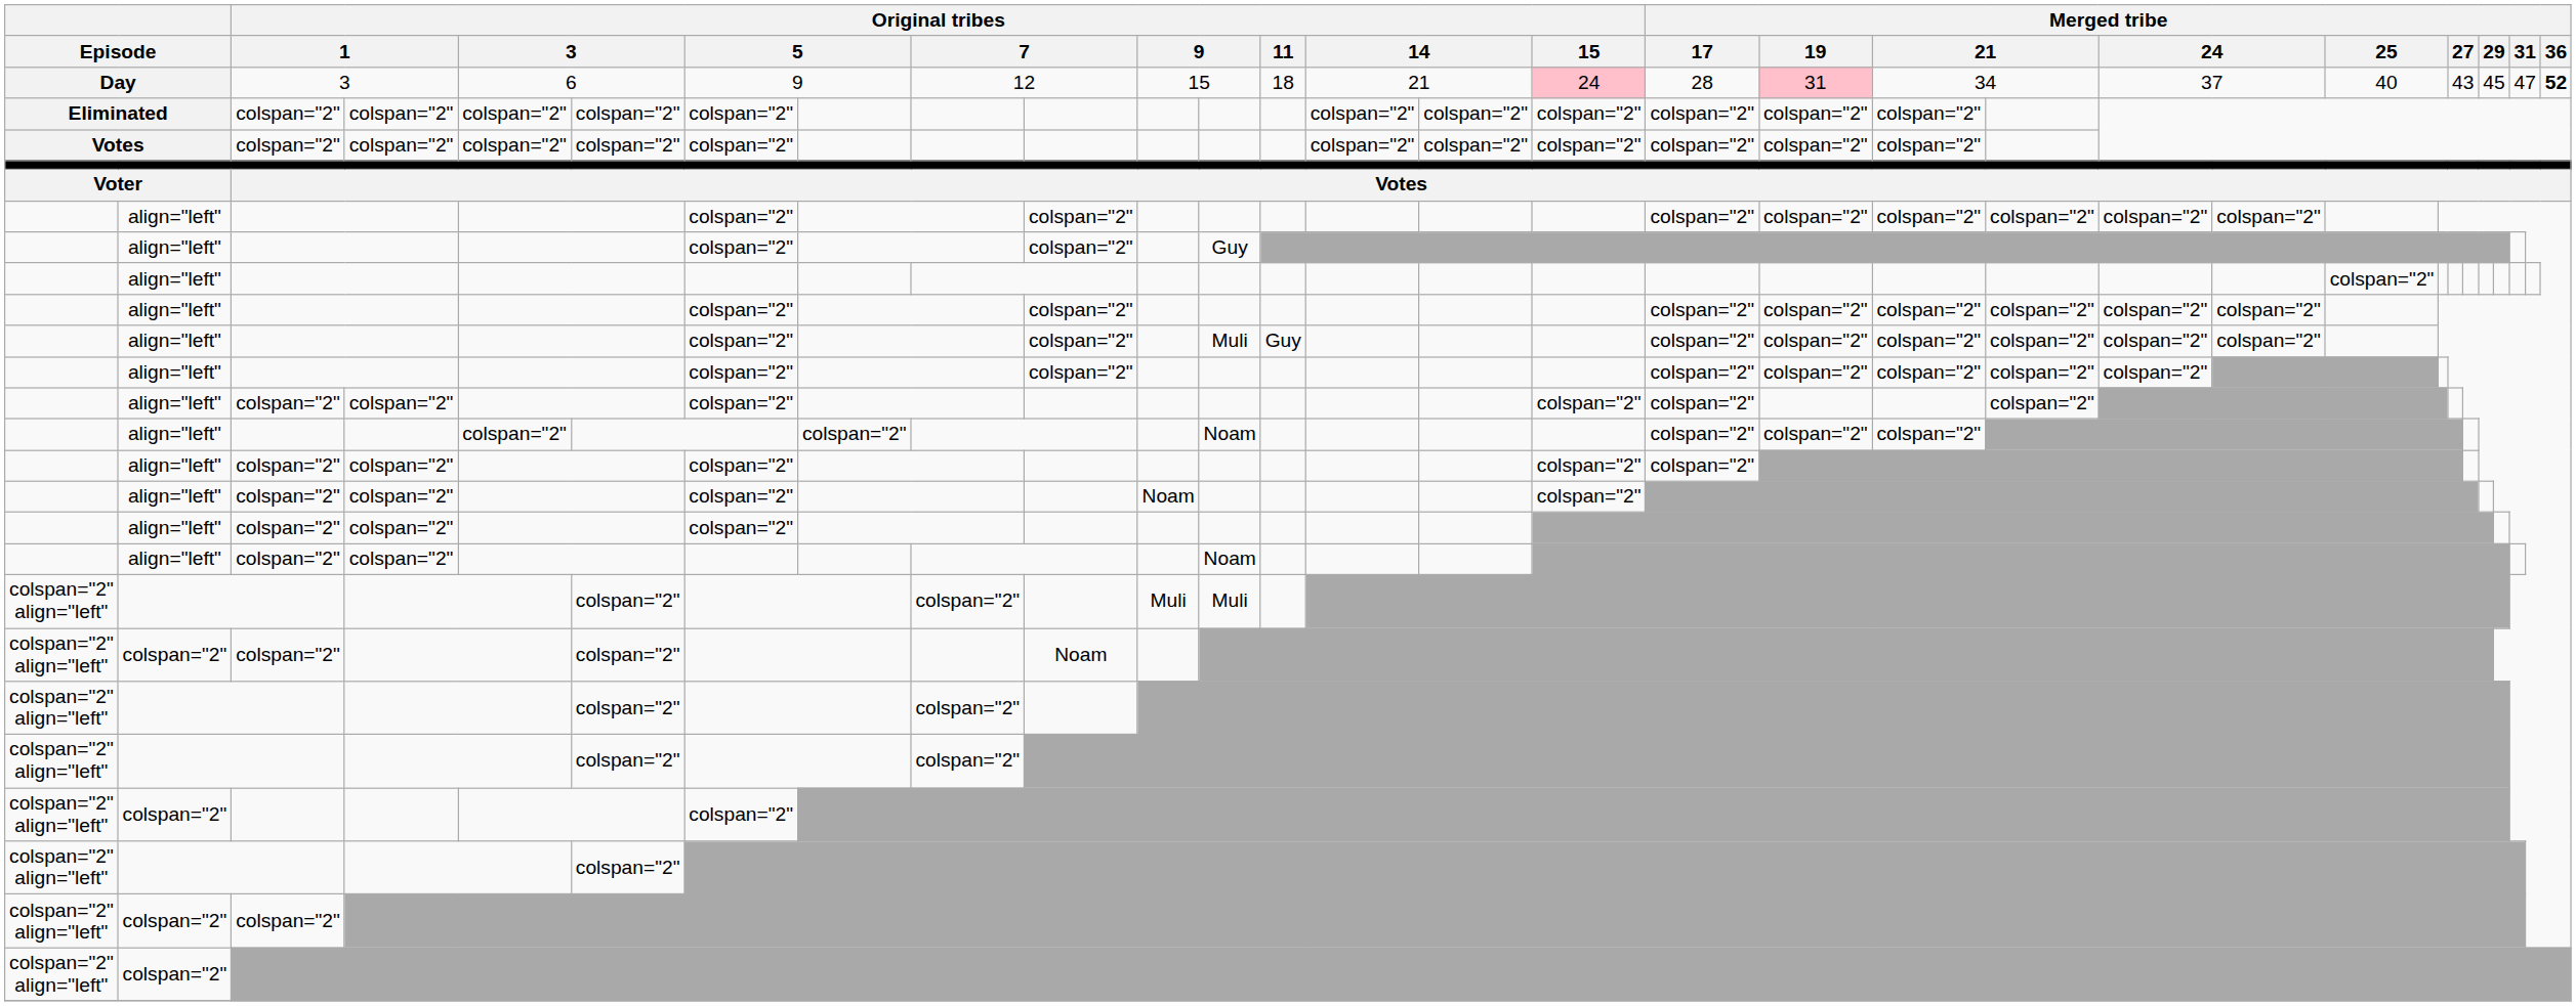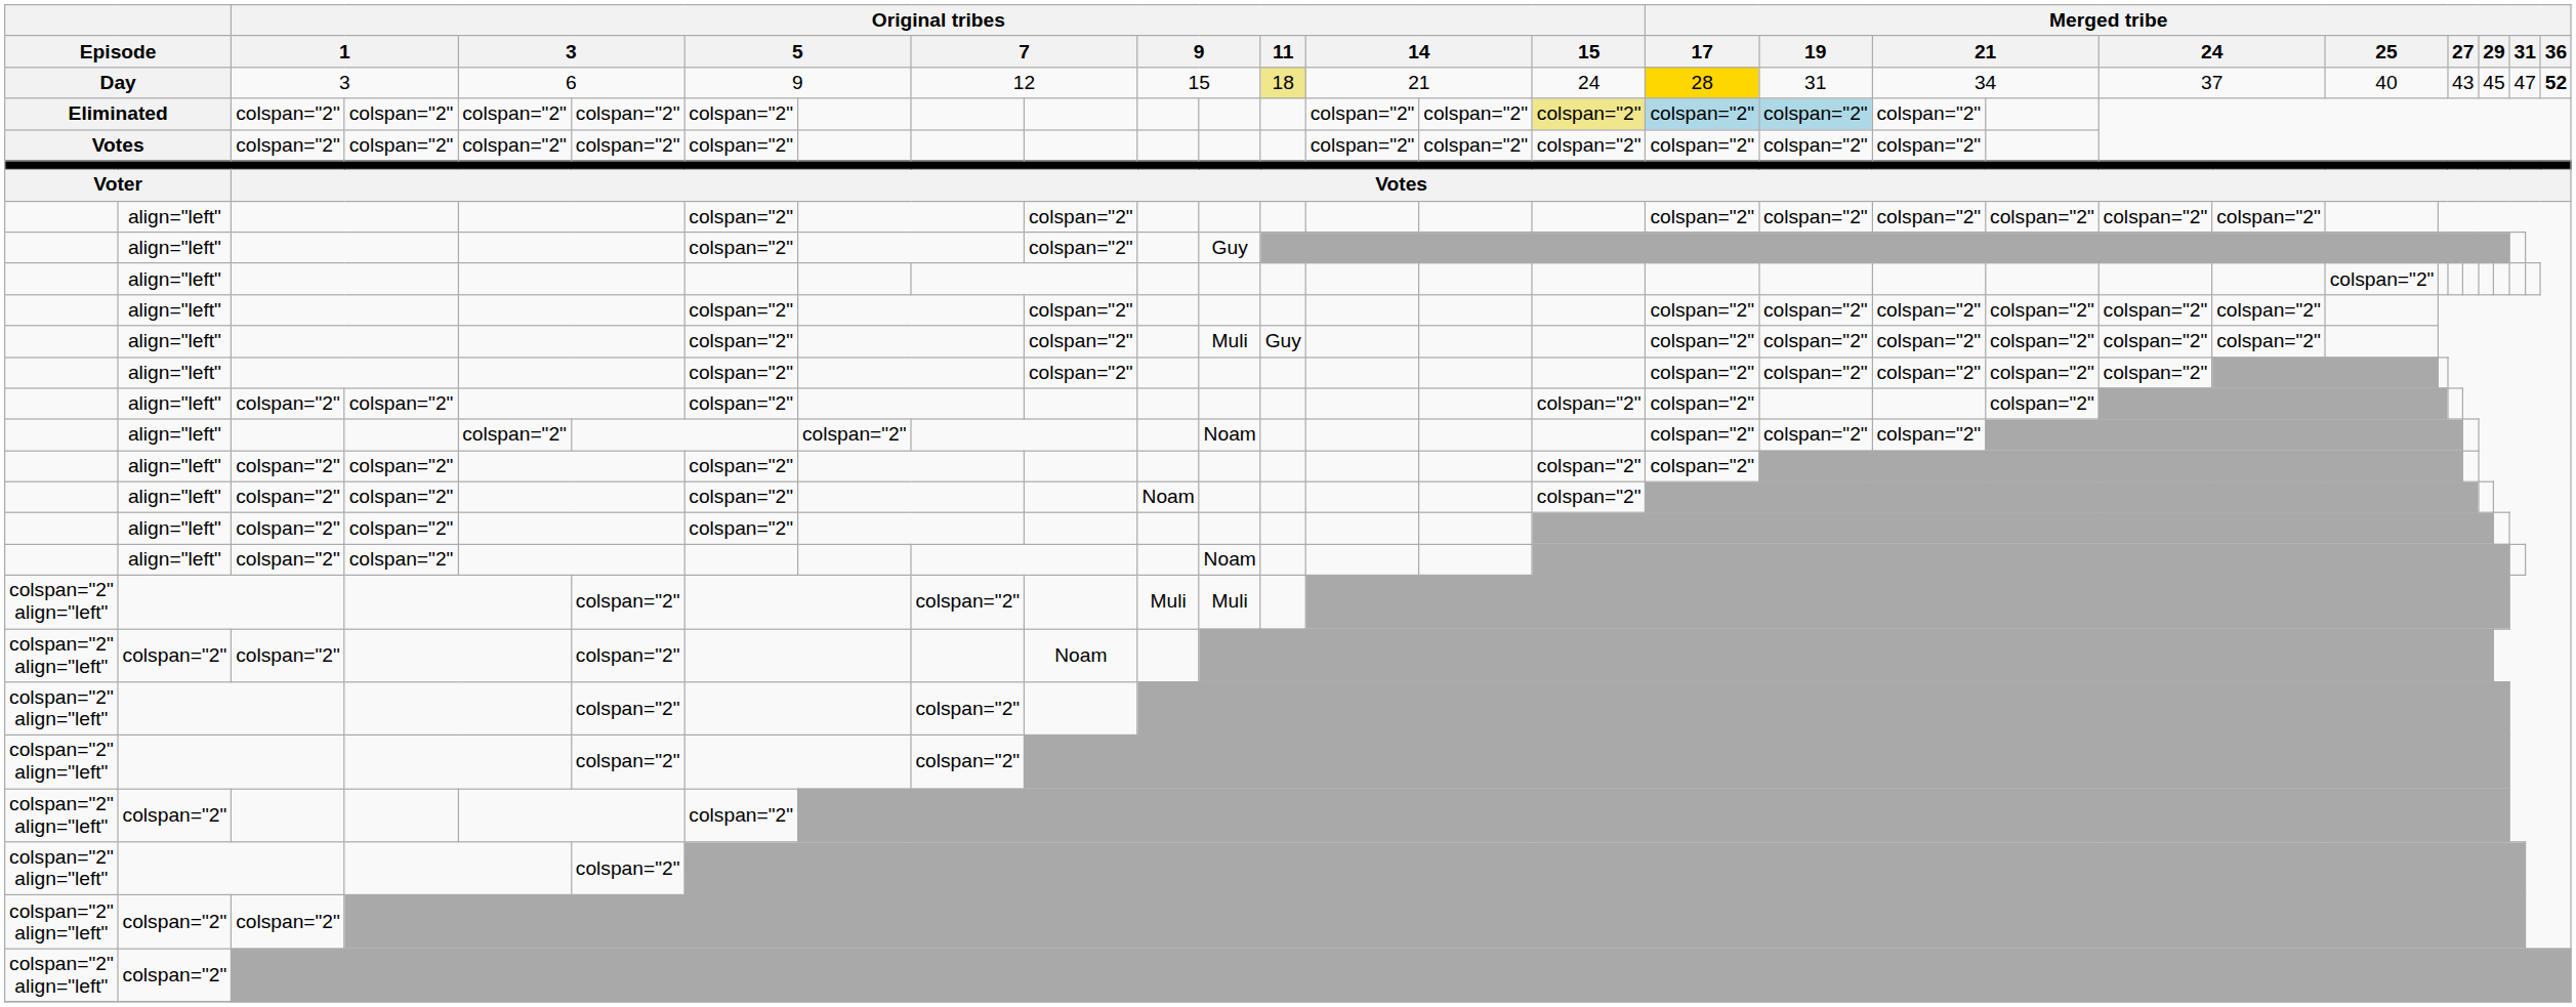 <table class="wikitable nowrap" style="text-align: center;">
 <tr>
 <th colspan="2"></th>
 <th colspan="14">Original tribes</th>
 <th colspan="15">Merged tribe</th>
 </tr>
 <tr>
 <th colspan="2">Episode</th>
 <th colspan="2">1</th>
 <th colspan="2">3</th>
 <th colspan="2">5</th>
 <th colspan="2">7</th>
 <th colspan="2">9</th>
 <th>11</th>
 <th colspan="2">14</th>
 <th>15</th>
 <th>17</th>
 <th>19</th>
 <th colspan="2">21</th>
 <th colspan="2">24</th>
 <th colspan="2">25</th>
 <th colspan="2">27</th>
 <th colspan="2">29</th>
 <th colspan="2">31</th>
 <th>36</th>
 </tr>
 <tr>
 <th colspan="2">Day</th>
 <td colspan="2">3</td>
 <td colspan="2">6</td>
 <td colspan="2">9</td>
 <td colspan="2">12</td>
 <td colspan="2">15</td>
-<td>18</td>
+<td style="background: khaki;">18</td>
 <td colspan="2" align="center">21</td>
-<td style="background: pink;">24</td>
-<td>28</td>
-<td style="background: pink;">31</td>
+<td>24</td>
+<td style="background: gold;">28</td>
+<td>31</td>
 <td colspan="2">34</td>
 <td colspan="2">37</td>
 <td colspan="2">40</td>
 <td colspan="2">43</td>
 <td colspan="2">45</td>
 <td colspan="2">47</td>
 <td><strong>52</strong></td>
 </tr>
 <tr>
 <th colspan="2">Eliminated</th>
 <td>colspan="2" </td>
 <td>colspan="2" </td>
 <td>colspan="2" </td>
 <td>colspan="2" </td>
 <td>colspan="2" </td>
 <td></td>
 <td></td>
 <td></td>
 <td></td>
 <td></td>
 <td></td>
 <td>colspan="2" </td>
 <td>colspan="2" </td>
-<td>colspan="2" </td>
-<td>colspan="2" </td>
-<td>colspan="2" </td>
+<td style="background: khaki;">colspan="2" </td>
+<td style="background: lightblue;">colspan="2" </td>
+<td style="background: lightblue;">colspan="2" </td>
 <td>colspan="2" </td>
 <td></td>
 </tr>
 <tr>
 <th colspan="2">Votes</th>
 <td>colspan="2" </td>
 <td>colspan="2" </td>
 <td>colspan="2" </td>
 <td>colspan="2" </td>
 <td>colspan="2" </td>
 <td></td>
 <td></td>
 <td></td>
 <td></td>
 <td></td>
 <td></td>
 <td>colspan="2" </td>
 <td>colspan="2" </td>
 <td>colspan="2" </td>
 <td>colspan="2" </td>
 <td>colspan="2" </td>
 <td>colspan="2" </td>
 <td></td>
 </tr>
 <tr>
 <td bgcolor=black colspan=33></td>
 </tr>
 <tr>
 <th colspan="2">Voter</th>
 <th colspan="29" align="center">Votes</th>
 </tr>
 <tr>
 <td></td>
 <td>align="left" </td>
 <td colspan="2"></td>
 <td colspan="2"></td>
 <td>colspan="2" </td>
 <td colspan="2"></td>
 <td>colspan="2" </td>
 <td></td>
 <td></td>
 <td></td>
 <td></td>
 <td></td>
 <td></td>
 <td>colspan="2" </td>
 <td>colspan="2" </td>
 <td>colspan="2" </td>
 <td>colspan="2" </td>
 <td>colspan="2" </td>
 <td>colspan="2" </td>
 <td></td>
 </tr>
 <tr>
 <td></td>
 <td>align="left" </td>
 <td colspan="2"></td>
 <td colspan="2"></td>
 <td>colspan="2" </td>
 <td colspan="2"></td>
 <td>colspan="2" </td>
 <td></td>
 <td><span>Guy</span></td>
 <td colspan="16" bgcolor="darkgray"></td>
 <td></td>
 </tr>
 <tr>
 <td></td>
 <td>align="left" </td>
 <td colspan="2"></td>
 <td colspan="2"></td>
 <td></td>
 <td></td>
 <td colspan="2"></td>
 <td></td>
 <td></td>
 <td></td>
 <td></td>
 <td></td>
 <td></td>
 <td></td>
 <td></td>
 <td></td>
 <td></td>
 <td></td>
 <td></td>
 <td>colspan="2" </td>
 <td></td>
 <td></td>
 <td></td>
 <td></td>
 <td></td>
 <td></td>
 <td></td>
 </tr>
 <tr>
 <td></td>
 <td>align="left" </td>
 <td colspan="2"></td>
 <td colspan="2"></td>
 <td>colspan="2" </td>
 <td colspan="2"></td>
 <td>colspan="2" </td>
 <td></td>
 <td></td>
 <td></td>
 <td></td>
 <td></td>
 <td></td>
 <td>colspan="2" </td>
 <td>colspan="2" </td>
 <td>colspan="2" </td>
 <td>colspan="2" </td>
 <td>colspan="2" </td>
 <td>colspan="2" </td>
 <td></td>
 </tr>
 <tr>
 <td></td>
 <td>align="left" </td>
 <td colspan="2"></td>
 <td colspan="2"></td>
 <td>colspan="2" </td>
 <td colspan="2"></td>
 <td>colspan="2" </td>
 <td></td>
 <td><span>Muli</span></td>
 <td><span>Guy</span></td>
 <td></td>
 <td></td>
 <td></td>
 <td>colspan="2" </td>
 <td>colspan="2" </td>
 <td>colspan="2" </td>
 <td>colspan="2" </td>
 <td>colspan="2" </td>
 <td>colspan="2" </td>
 <td></td>
 </tr>
 <tr>
 <td></td>
 <td>align="left" </td>
 <td colspan="2"></td>
 <td colspan="2"></td>
 <td>colspan="2" </td>
 <td colspan="2"></td>
 <td>colspan="2" </td>
 <td></td>
 <td></td>
 <td></td>
 <td></td>
 <td></td>
 <td></td>
 <td>colspan="2" </td>
 <td>colspan="2" </td>
 <td>colspan="2" </td>
 <td>colspan="2" </td>
 <td>colspan="2" </td>
 <td colspan="2" bgcolor="darkgray"></td>
 <td></td>
 </tr>
 <tr>
 <td></td>
 <td>align="left" </td>
 <td>colspan="2" </td>
 <td>colspan="2" </td>
 <td colspan="2"></td>
 <td>colspan="2" </td>
 <td colspan="2"></td>
 <td></td>
 <td></td>
 <td></td>
 <td></td>
 <td></td>
 <td></td>
 <td>colspan="2" </td>
 <td>colspan="2" </td>
 <td></td>
 <td></td>
 <td>colspan="2" </td>
 <td colspan="4" bgcolor="darkgray"></td>
 <td></td>
 </tr>
 <tr>
 <td></td>
 <td>align="left" </td>
 <td></td>
 <td></td>
 <td>colspan="2"</td>
 <td colspan="2"></td>
 <td>colspan="2" </td>
 <td colspan="2"></td>
 <td></td>
 <td><span>Noam</span></td>
 <td></td>
 <td></td>
 <td></td>
 <td></td>
 <td>colspan="2" </td>
 <td>colspan="2" </td>
 <td>colspan="2" </td>
 <td colspan="6" bgcolor="darkgray"></td>
 <td></td>
 </tr>
 <tr>
 <td></td>
 <td>align="left" </td>
 <td>colspan="2" </td>
 <td>colspan="2" </td>
 <td colspan="2"></td>
 <td>colspan="2" </td>
 <td colspan="2"></td>
 <td></td>
 <td></td>
 <td></td>
 <td></td>
 <td></td>
 <td></td>
 <td>colspan="2" </td>
 <td>colspan="2" </td>
 <td colspan="8" bgcolor="darkgray"></td>
 <td></td>
 </tr>
 <tr>
 <td></td>
 <td>align="left" </td>
 <td>colspan="2" </td>
 <td>colspan="2" </td>
 <td colspan="2"></td>
 <td>colspan="2" </td>
 <td colspan="2"></td>
 <td></td>
 <td><span>Noam</span></td>
 <td></td>
 <td></td>
 <td></td>
 <td></td>
 <td>colspan="2" </td>
 <td colspan="10" bgcolor="darkgray"></td>
 <td></td>
 </tr>
 <tr>
 <td></td>
 <td>align="left" </td>
 <td>colspan="2" </td>
 <td>colspan="2" </td>
 <td colspan="2"></td>
 <td>colspan="2" </td>
 <td colspan="2"></td>
 <td></td>
 <td></td>
 <td></td>
 <td></td>
 <td></td>
 <td></td>
 <td colspan="12" bgcolor="darkgray"></td>
 <td></td>
 </tr>
 <tr>
 <td></td>
 <td>align="left" </td>
 <td>colspan="2" </td>
 <td>colspan="2" </td>
 <td colspan="2"></td>
 <td></td>
 <td></td>
 <td colspan="2"></td>
 <td></td>
 <td><span>Noam</span></td>
 <td></td>
 <td></td>
 <td></td>
 <td colspan="13" bgcolor="darkgray"></td>
 <td></td>
 </tr>
 <tr>
 <td>colspan="2" align="left" </td>
 <td colspan="2"></td>
 <td colspan="2"></td>
 <td>colspan="2" </td>
 <td colspan="2"></td>
 <td>colspan="2" </td>
 <td></td>
 <td><span>Muli</span></td>
 <td><span>Muli</span></td>
 <td></td>
 <td colspan="15" bgcolor="darkgray"></td>
 </tr>
 <tr>
 <td>colspan="2" align="left" </td>
 <td>colspan="2" </td>
 <td>colspan="2" </td>
 <td colspan="2"></td>
 <td>colspan="2" </td>
 <td colspan="2"></td>
 <td></td>
 <td><span>Noam</span></td>
 <td></td>
 <td colspan="16" bgcolor="darkgray"></td>
 </tr>
 <tr>
 <td>colspan="2" align="left" </td>
 <td colspan="2"></td>
 <td colspan="2"></td>
 <td>colspan="2" </td>
 <td colspan="2"></td>
 <td>colspan="2" </td>
 <td></td>
 <td colspan="18" bgcolor="darkgray"></td>
 </tr>
 <tr>
 <td>colspan="2" align="left" </td>
 <td colspan="2"></td>
 <td colspan="2"></td>
 <td>colspan="2" </td>
 <td colspan="2"></td>
 <td>colspan="2" </td>
 <td colspan="19" bgcolor="darkgray"></td>
 </tr>
 <tr>
 <td>colspan="2" align="left" </td>
 <td>colspan="2" </td>
 <td></td>
 <td></td>
 <td colspan="2"></td>
 <td>colspan="2" </td>
 <td colspan="21" bgcolor="darkgray"></td>
 </tr>
 <tr>
 <td>colspan="2" align="left" </td>
 <td colspan="2"></td>
 <td colspan="2"></td>
 <td>colspan="2" </td>
 <td colspan="23" bgcolor="darkgray"></td>
 </tr>
 <tr>
 <td>colspan="2" align="left" </td>
 <td>colspan="2" </td>
 <td>colspan="2" </td>
 <td colspan="26" bgcolor="darkgray"></td>
 </tr>
 <tr>
 <td>colspan="2" align="left" </td>
 <td>colspan="2" </td>
 <td colspan="29" bgcolor="darkgray"></td>
 </tr>
 <tr>
 </tr>
 </table>
